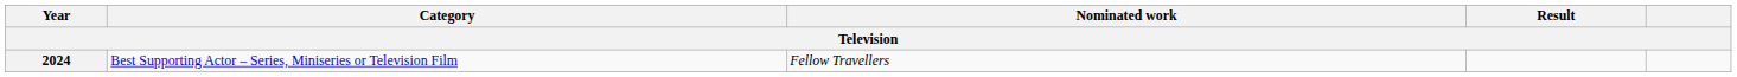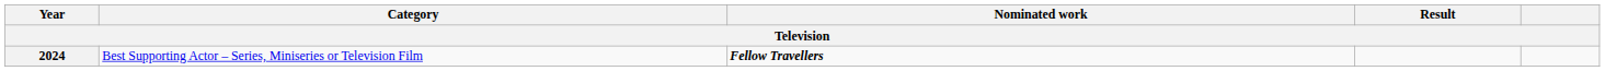 <table class="wikitable sortable">
 <tr>
 <th width="1%">Year</th>
 <th width="8%">Category</th>
 <th width="8%">Nominated work</th>
 <th width="2%">Result</th>
 <th width="1%" class="unsortable"></th>
 </tr>
 <tr>
 <th colspan="5">Television</th>
 </tr>
 <tr>
 <th style="text-align:center;">2024</th>
 <td><a href='#'>Best Supporting Actor – Series, Miniseries or Television Film</a></td>
-<td><em>Fellow Travellers</em></td>
+<td><strong><em>Fellow Travellers</em></strong></td>
 <td></td>
 <td style="text-align:center;"></td>
 </tr>
 </table>
